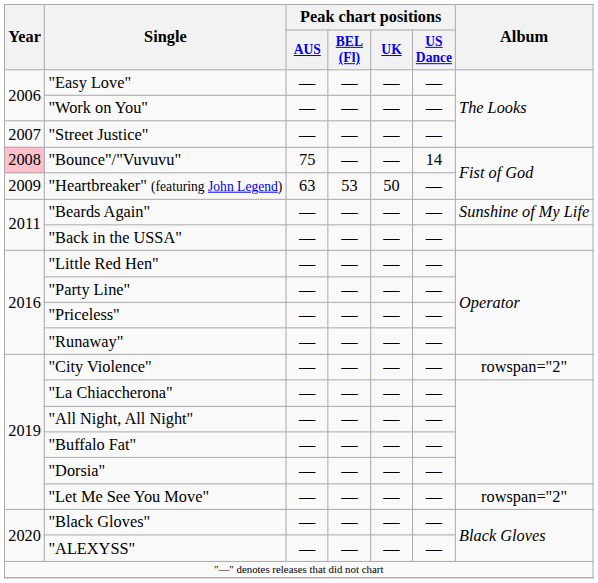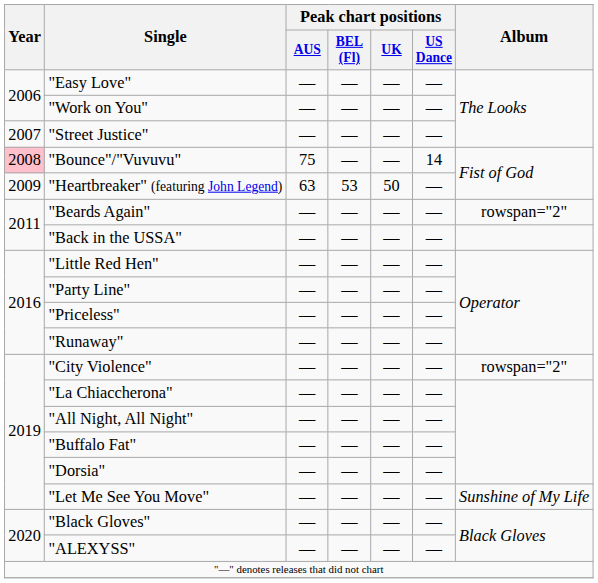 <table class="wikitable" style="text-align:center;">
 <tr>
 <th rowspan="2">Year</th>
 <th rowspan="2">Single</th>
 <th colspan="4">Peak chart positions</th>
 <th rowspan="2">Album</th>
 </tr>
 <tr style="font-size:smaller;">
 <th width="35"><a href='#'>AUS</a><br></th>
 <th width="35"><a href='#'>BEL<br>(Fl)</a></th>
 <th width="35"><a href='#'>UK</a><br></th>
 <th width="35"><a href='#'>US<br>Dance</a></th>
 </tr>
 <tr>
 <td rowspan=2>2006</td>
 <td align="left">"Easy Love"</td>
 <td>—</td>
 <td>—</td>
 <td>—</td>
 <td>—</td>
 <td align="left" rowspan="3"><em>The Looks</em></td>
 </tr>
 <tr>
 <td align="left">"Work on You"</td>
 <td>—</td>
 <td>—</td>
 <td>—</td>
 <td>—</td>
 </tr>
 <tr>
 <td>2007</td>
 <td align="left">"Street Justice"</td>
 <td>—</td>
 <td>—</td>
 <td>—</td>
 <td>—</td>
 </tr>
 <tr>
 <td style="background: pink;">2008</td>
 <td align="left">"Bounce"/"Vuvuvu"</td>
 <td>75</td>
 <td>—</td>
 <td>—</td>
 <td>14</td>
 <td align="left" rowspan="2"><em>Fist of God</em></td>
 </tr>
 <tr>
 <td>2009</td>
 <td align="left">"Heartbreaker" <small>(featuring <a href='#'>John Legend</a>)</small></td>
 <td>63</td>
 <td>53</td>
 <td>50</td>
 <td>—</td>
 </tr>
 <tr>
 <td rowspan=2>2011</td>
 <td align="left">"Beards Again"</td>
 <td>—</td>
 <td>—</td>
 <td>—</td>
 <td>—</td>
-<td align="left" rowspan="1"><em>Sunshine of My Life</em></td>
+<td>rowspan="2" </td>
 </tr>
 <tr>
 <td align="left">"Back in the USSA"</td>
 <td>—</td>
 <td>—</td>
 <td>—</td>
 <td>—</td>
 </tr>
 <tr>
 <td rowspan=4>2016</td>
 <td align="left">"Little Red Hen"</td>
 <td>—</td>
 <td>—</td>
 <td>—</td>
 <td>—</td>
 <td align="left" rowspan="4"><em>Operator</em></td>
 </tr>
 <tr>
 <td align="left">"Party Line"</td>
 <td>—</td>
 <td>—</td>
 <td>—</td>
 <td>—</td>
 </tr>
 <tr>
 <td align="left">"Priceless"</td>
 <td>—</td>
 <td>—</td>
 <td>—</td>
 <td>—</td>
 </tr>
 <tr>
 <td align="left">"Runaway"</td>
 <td>—</td>
 <td>—</td>
 <td>—</td>
 <td>—</td>
 </tr>
 <tr>
 <td rowspan=6>2019</td>
 <td align="left">"City Violence"</td>
 <td>—</td>
 <td>—</td>
 <td>—</td>
 <td>—</td>
 <td>rowspan="2" </td>
 </tr>
 <tr>
 <td align="left">"La Chiaccherona"</td>
 <td>—</td>
 <td>—</td>
 <td>—</td>
 <td>—</td>
 </tr>
 <tr>
 <td align="left">"All Night, All Night"</td>
 <td>—</td>
 <td>—</td>
 <td>—</td>
 <td>—</td>
 </tr>
 <tr>
 <td align="left">"Buffalo Fat"</td>
 <td>—</td>
 <td>—</td>
 <td>—</td>
 <td>—</td>
 </tr>
 <tr>
 <td align="left">"Dorsia"</td>
 <td>—</td>
 <td>—</td>
 <td>—</td>
 <td>—</td>
 </tr>
 <tr>
 <td align="left">"Let Me See You Move"</td>
 <td>—</td>
 <td>—</td>
 <td>—</td>
 <td>—</td>
-<td>rowspan="2" </td>
+<td align="left" rowspan="1"><em>Sunshine of My Life</em></td>
 </tr>
 <tr>
 <td rowspan=2>2020</td>
 <td align="left">"Black Gloves"</td>
 <td>—</td>
 <td>—</td>
 <td>—</td>
 <td>—</td>
 <td align="left" rowspan="2"><em>Black Gloves</em></td>
 </tr>
 <tr>
 <td align="left">"ALEXYSS"</td>
 <td>—</td>
 <td>—</td>
 <td>—</td>
 <td>—</td>
 </tr>
 <tr>
 <td colspan="15" style="font-size:8pt">"—" denotes releases that did not chart</td>
 </tr>
 <tr>
 </tr>
 </table>
